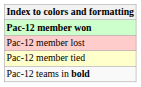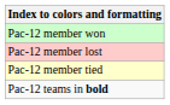 <table class="wikitable">
 <tr>
 <th>Index to colors and formatting</th>
 </tr>
 <tr style="background:#cfc;">
-<td><strong>Pac-12 member won</strong></td>
+<td>Pac-12 member won</td>
 </tr>
 <tr style="background:#fcc;">
 <td>Pac-12 member lost</td>
 </tr>
 <tr style="background:#ffc;">
 <td>Pac-12 member tied</td>
 </tr>
 <tr>
 <td>Pac-12 teams in <strong>bold</strong></td>
 </tr>
 </table>
